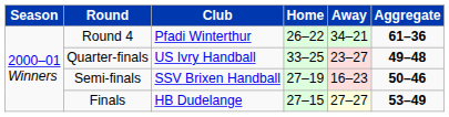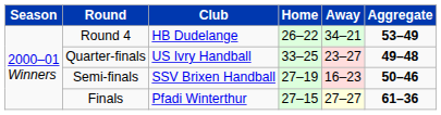 <table class="wikitable">
 <tr>
 <th style="color:#FFFFFF; background:#0038af">Season</th>
 <th style="color:#FFFFFF; background:#0038af">Round</th>
 <th style="color:#FFFFFF; background:#0038af">Club</th>
 <th style="color:#FFFFFF; background:#0038af">Home</th>
 <th style="color:#FFFFFF; background:#0038af">Away</th>
 <th style="color:#FFFFFF; background:#0038af">Aggregate</th>
 </tr>
 <tr>
 <td rowspan=4><a href='#'>2000–01</a><br> <em>Winners</em></td>
 <td align=center>Round 4</td>
-<td> <a href='#'>Pfadi Winterthur</a></td>
+<td> <a href='#'>HB Dudelange</a></td>
 <td style="text-align:center; background:#dfd;">26–22</td>
 <td style="text-align:center; background:#dfd;">34–21</td>
-<td style="text-align:center;"><strong>61–36</strong></td>
+<td style="text-align:center;"><strong>53–49</strong></td>
 </tr>
 <tr>
 <td align=center>Quarter-finals</td>
 <td> <a href='#'>US Ivry Handball</a></td>
 <td style="text-align:center; background:#dfd;">33–25</td>
 <td style="text-align:center; background:#fdd;">23–27</td>
 <td style="text-align:center;"><strong>49–48</strong></td>
 </tr>
 <tr>
 <td align=center>Semi-finals</td>
 <td> <a href='#'>SSV Brixen Handball</a></td>
 <td style="text-align:center; background:#dfd;">27–19</td>
 <td style="text-align:center; background:#fdd;">16–23</td>
 <td style="text-align:center;"><strong>50–46</strong></td>
 </tr>
 <tr>
 <td align=center>Finals</td>
-<td> <a href='#'>HB Dudelange</a></td>
+<td> <a href='#'>Pfadi Winterthur</a></td>
 <td style="text-align:center; background:#dfd;">27–15</td>
 <td style="text-align:center; background:#ffd">27–27</td>
-<td style="text-align:center;"><strong>53–49</strong></td>
+<td style="text-align:center;"><strong>61–36</strong></td>
 </tr>
 </table>
